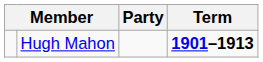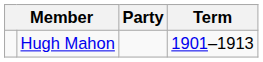 <table class="wikitable">
 <tr>
 <th colspan="2">Member</th>
 <th>Party</th>
 <th>Term</th>
 </tr>
 <tr>
 <td> </td>
 <td><a href='#'>Hugh Mahon</a></td>
 <td></td>
-<td><strong><a href='#'>1901</a>–1913</strong></td>
+<td><a href='#'>1901</a>–1913</td>
 </tr>
 </table>
